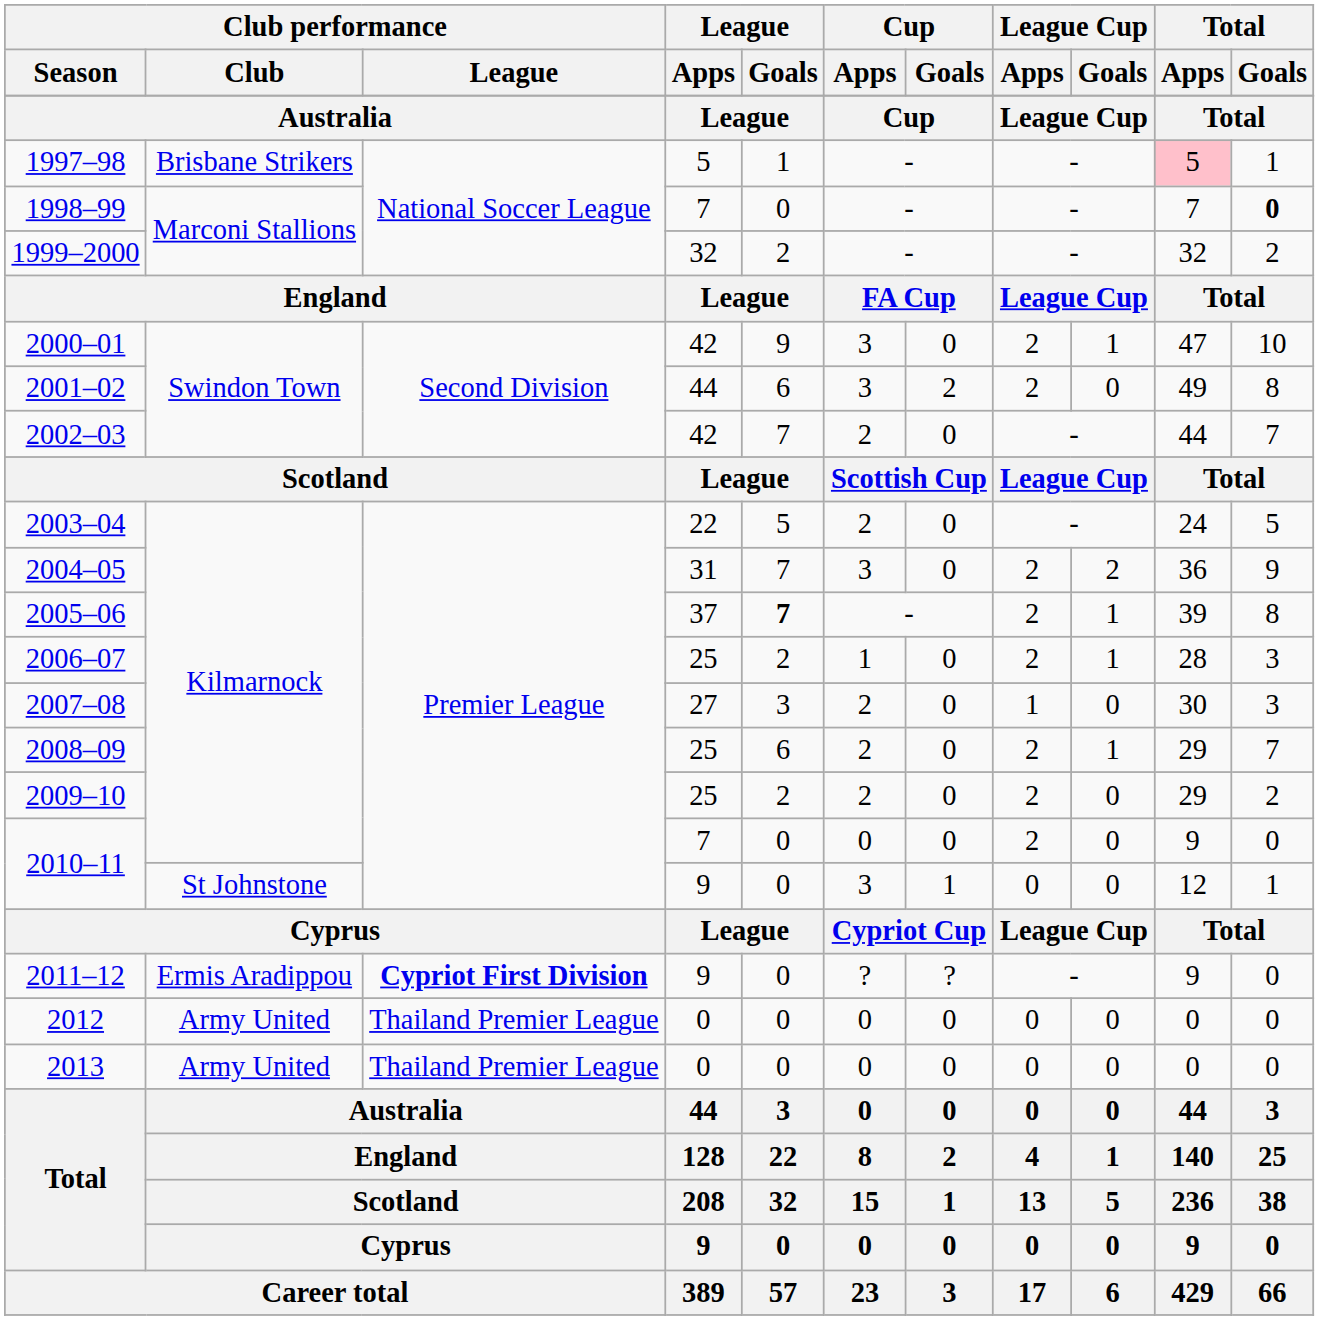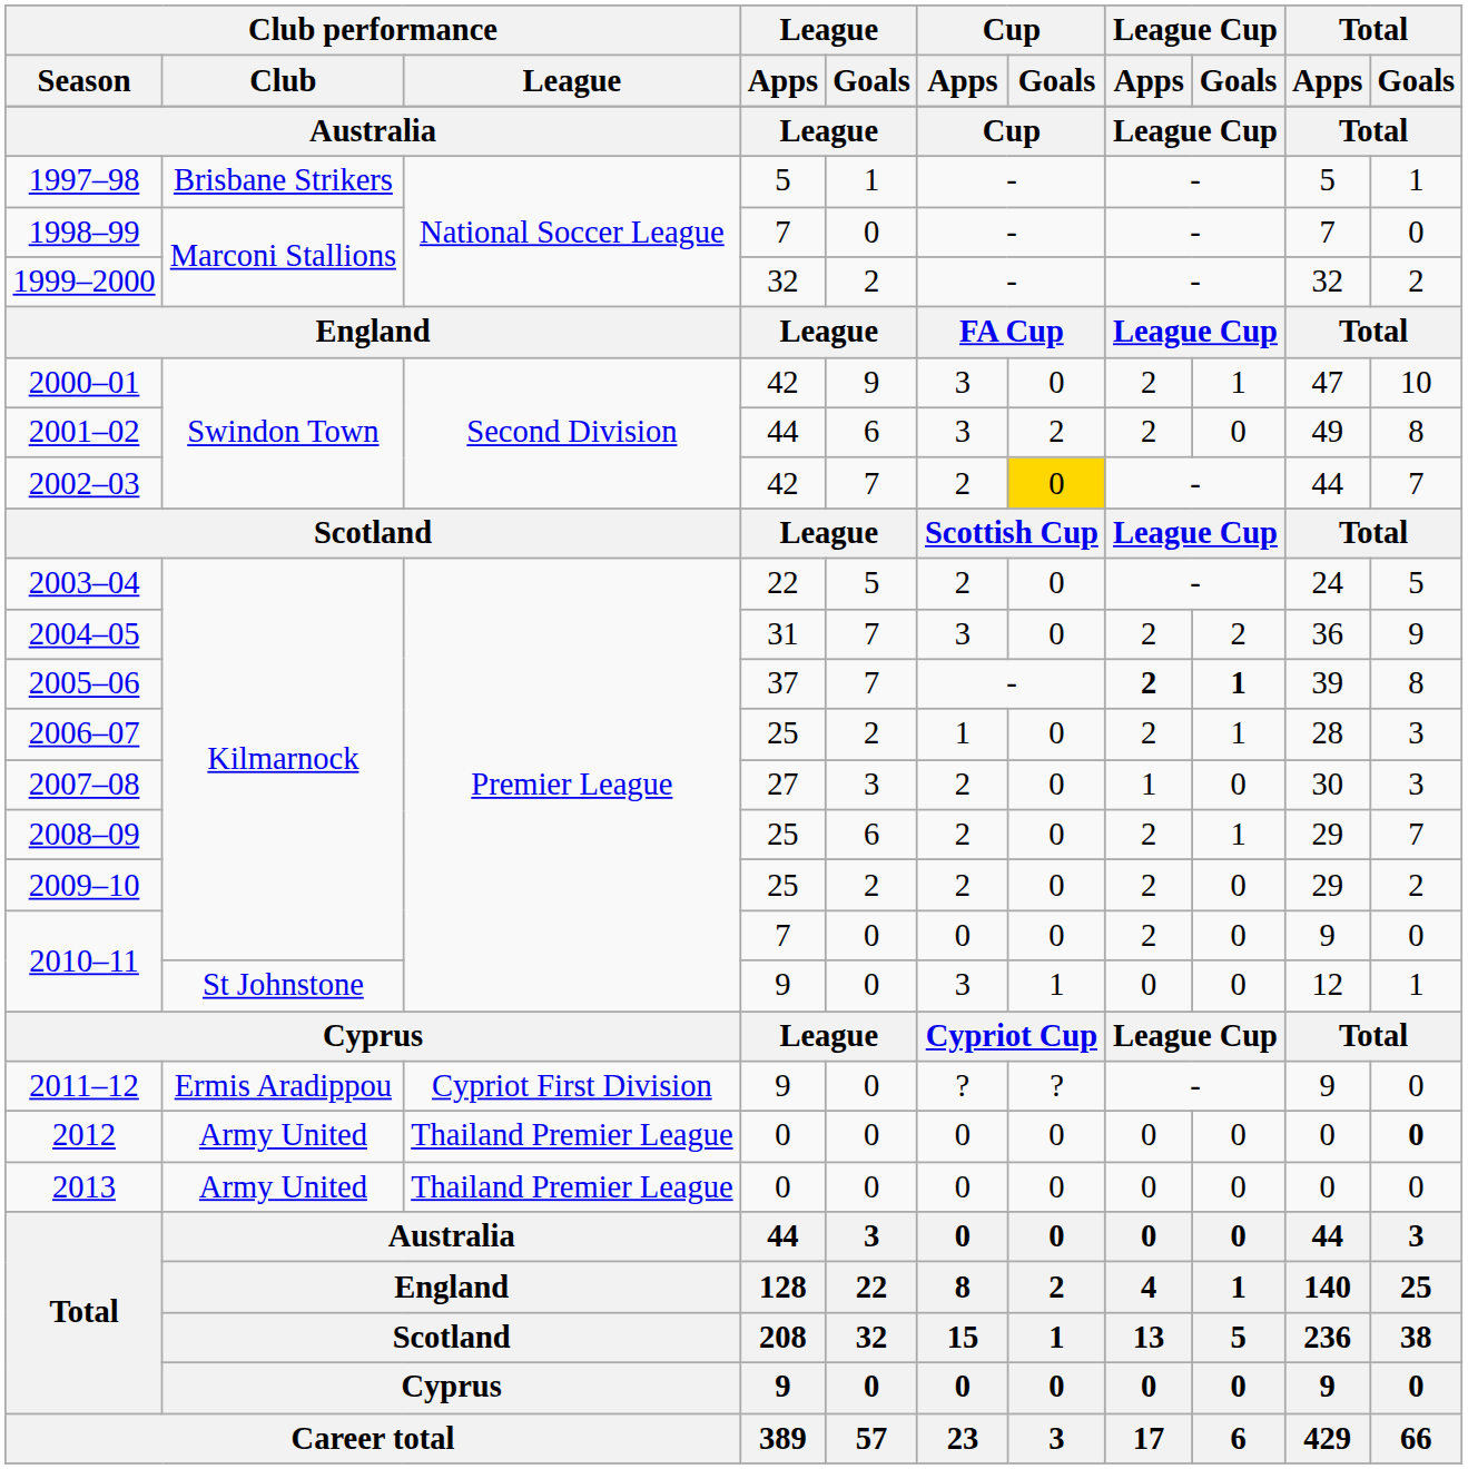 <table class="wikitable" style="text-align:center">
 <tr>
 <th colspan=3>Club performance</th>
 <th colspan=2>League</th>
 <th colspan=2>Cup</th>
 <th colspan=2>League Cup</th>
 <th colspan=2>Total</th>
 </tr>
 <tr>
 <th>Season</th>
 <th>Club</th>
 <th>League</th>
 <th>Apps</th>
 <th>Goals</th>
 <th>Apps</th>
 <th>Goals</th>
 <th>Apps</th>
 <th>Goals</th>
 <th>Apps</th>
 <th>Goals</th>
 </tr>
 <tr>
 </tr>
 <tr>
 <th colspan=3>Australia</th>
 <th colspan=2>League</th>
 <th colspan=2>Cup</th>
 <th colspan=2>League Cup</th>
 <th colspan=2>Total</th>
 </tr>
 <tr>
 <td><a href='#'>1997–98</a></td>
 <td><a href='#'>Brisbane Strikers</a></td>
 <td rowspan="3"><a href='#'>National Soccer League</a></td>
 <td>5</td>
 <td>1</td>
 <td colspan="2">-</td>
 <td colspan="2">-</td>
-<td style="background: pink;">5</td>
+<td>5</td>
 <td>1</td>
 </tr>
 <tr>
 <td><a href='#'>1998–99</a></td>
 <td rowspan="2"><a href='#'>Marconi Stallions</a></td>
 <td>7</td>
 <td>0</td>
 <td colspan="2">-</td>
 <td colspan="2">-</td>
 <td>7</td>
-<td><strong>0</strong></td>
+<td>0</td>
 </tr>
 <tr>
 <td><a href='#'>1999–2000</a></td>
 <td>32</td>
 <td>2</td>
 <td colspan="2">-</td>
 <td colspan="2">-</td>
 <td>32</td>
 <td>2</td>
 </tr>
 <tr>
 <th colspan=3>England</th>
 <th colspan=2>League</th>
 <th colspan=2><a href='#'>FA Cup</a></th>
 <th colspan=2><a href='#'>League Cup</a></th>
 <th colspan=2>Total</th>
 </tr>
 <tr>
 <td><a href='#'>2000–01</a></td>
 <td rowspan="3"><a href='#'>Swindon Town</a></td>
 <td rowspan="3"><a href='#'>Second Division</a></td>
 <td>42</td>
 <td>9</td>
 <td>3</td>
 <td>0</td>
 <td>2</td>
 <td>1</td>
 <td>47</td>
 <td>10</td>
 </tr>
 <tr>
 <td><a href='#'>2001–02</a></td>
 <td>44</td>
 <td>6</td>
 <td>3</td>
 <td>2</td>
 <td>2</td>
 <td>0</td>
 <td>49</td>
 <td>8</td>
 </tr>
 <tr>
 <td><a href='#'>2002–03</a></td>
 <td>42</td>
 <td>7</td>
 <td>2</td>
-<td>0</td>
+<td style="background: gold;">0</td>
 <td colspan="2">-</td>
 <td>44</td>
 <td>7</td>
 </tr>
 <tr>
 <th colspan=3>Scotland</th>
 <th colspan=2>League</th>
 <th colspan=2><a href='#'>Scottish Cup</a></th>
 <th colspan=2><a href='#'>League Cup</a></th>
 <th colspan=2>Total</th>
 </tr>
 <tr>
 <td><a href='#'>2003–04</a></td>
 <td rowspan="8"><a href='#'>Kilmarnock</a></td>
 <td rowspan="9"><a href='#'>Premier League</a></td>
 <td>22</td>
 <td>5</td>
 <td>2</td>
 <td>0</td>
 <td colspan="2">-</td>
 <td>24</td>
 <td>5</td>
 </tr>
 <tr>
 <td><a href='#'>2004–05</a></td>
 <td>31</td>
 <td>7</td>
 <td>3</td>
 <td>0</td>
 <td>2</td>
 <td>2</td>
 <td>36</td>
 <td>9</td>
 </tr>
 <tr>
 <td><a href='#'>2005–06</a></td>
 <td>37</td>
-<td><strong>7</strong></td>
+<td>7</td>
 <td colspan="2">-</td>
-<td>2</td>
-<td>1</td>
+<td><strong>2</strong></td>
+<td><strong>1</strong></td>
 <td>39</td>
 <td>8</td>
 </tr>
 <tr>
 <td><a href='#'>2006–07</a></td>
 <td>25</td>
 <td>2</td>
 <td>1</td>
 <td>0</td>
 <td>2</td>
 <td>1</td>
 <td>28</td>
 <td>3</td>
 </tr>
 <tr>
 <td><a href='#'>2007–08</a></td>
 <td>27</td>
 <td>3</td>
 <td>2</td>
 <td>0</td>
 <td>1</td>
 <td>0</td>
 <td>30</td>
 <td>3</td>
 </tr>
 <tr>
 <td><a href='#'>2008–09</a></td>
 <td>25</td>
 <td>6</td>
 <td>2</td>
 <td>0</td>
 <td>2</td>
 <td>1</td>
 <td>29</td>
 <td>7</td>
 </tr>
 <tr>
 <td><a href='#'>2009–10</a></td>
 <td>25</td>
 <td>2</td>
 <td>2</td>
 <td>0</td>
 <td>2</td>
 <td>0</td>
 <td>29</td>
 <td>2</td>
 </tr>
 <tr>
 <td rowspan="2"><a href='#'>2010–11</a></td>
 <td>7</td>
 <td>0</td>
 <td>0</td>
 <td>0</td>
 <td>2</td>
 <td>0</td>
 <td>9</td>
 <td>0</td>
 </tr>
 <tr>
 <td rowspan="1"><a href='#'>St Johnstone</a></td>
 <td>9</td>
 <td>0</td>
 <td>3</td>
 <td>1</td>
 <td>0</td>
 <td>0</td>
 <td>12</td>
 <td>1</td>
 </tr>
 <tr>
 <th colspan=3>Cyprus</th>
 <th colspan=2>League</th>
 <th colspan=2><a href='#'>Cypriot Cup</a></th>
 <th colspan=2>League Cup</th>
 <th colspan=2>Total</th>
 </tr>
 <tr>
 <td><a href='#'>2011–12</a></td>
 <td><a href='#'>Ermis Aradippou</a></td>
-<td><strong><a href='#'>Cypriot First Division</a></strong></td>
+<td><a href='#'>Cypriot First Division</a></td>
 <td>9</td>
 <td>0</td>
 <td>?</td>
 <td>?</td>
 <td colspan="2">-</td>
 <td>9</td>
 <td>0</td>
 </tr>
 <tr>
 <td><a href='#'>2012</a></td>
 <td><a href='#'>Army United</a></td>
 <td><a href='#'>Thailand Premier League</a></td>
 <td>0</td>
 <td>0</td>
 <td>0</td>
 <td>0</td>
 <td>0</td>
 <td>0</td>
 <td>0</td>
-<td>0</td>
+<td><strong>0</strong></td>
 </tr>
 <tr>
 <td><a href='#'>2013</a></td>
 <td><a href='#'>Army United</a></td>
 <td><a href='#'>Thailand Premier League</a></td>
 <td>0</td>
 <td>0</td>
 <td>0</td>
 <td>0</td>
 <td>0</td>
 <td>0</td>
 <td>0</td>
 <td>0</td>
 </tr>
 <tr>
 <th rowspan=4>Total</th>
 <th colspan=2>Australia</th>
 <th>44</th>
 <th>3</th>
 <th>0</th>
 <th>0</th>
 <th>0</th>
 <th>0</th>
 <th>44</th>
 <th>3</th>
 </tr>
 <tr>
 <th colspan=2>England</th>
 <th>128</th>
 <th>22</th>
 <th>8</th>
 <th>2</th>
 <th>4</th>
 <th>1</th>
 <th>140</th>
 <th>25</th>
 </tr>
 <tr>
 <th colspan=2>Scotland</th>
 <th>208</th>
 <th>32</th>
 <th>15</th>
 <th>1</th>
 <th>13</th>
 <th>5</th>
 <th>236</th>
 <th>38</th>
 </tr>
 <tr>
 <th colspan=2>Cyprus</th>
 <th>9</th>
 <th>0</th>
 <th>0</th>
 <th>0</th>
 <th>0</th>
 <th>0</th>
 <th>9</th>
 <th>0</th>
 </tr>
 <tr>
 <th colspan=3>Career total</th>
 <th>389</th>
 <th>57</th>
 <th>23</th>
 <th>3</th>
 <th>17</th>
 <th>6</th>
 <th>429</th>
 <th>66</th>
 </tr>
 </table>
